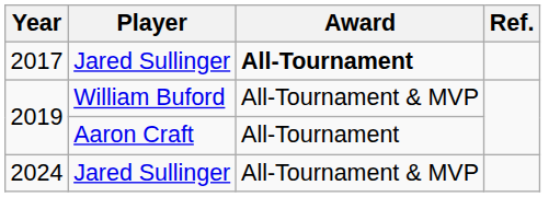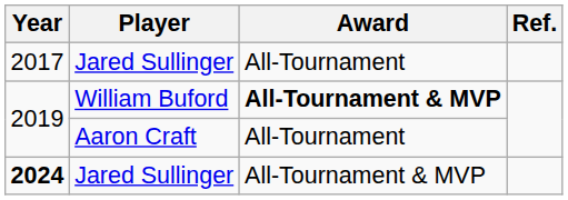 <table class="wikitable">
 <tr>
 <th>Year</th>
 <th>Player</th>
 <th>Award</th>
 <th>Ref.</th>
 </tr>
 <tr>
 <td>2017</td>
 <td><a href='#'>Jared Sullinger</a></td>
-<td><strong>All-Tournament</strong></td>
+<td>All-Tournament</td>
 <td></td>
 </tr>
 <tr>
 <td rowspan=2>2019</td>
 <td><a href='#'>William Buford</a></td>
-<td>All-Tournament & MVP</td>
+<td><strong>All-Tournament & MVP</strong></td>
 <td rowspan=2></td>
 </tr>
 <tr>
 <td><a href='#'>Aaron Craft</a></td>
 <td>All-Tournament</td>
 </tr>
 <tr>
-<td>2024</td>
+<td><strong>2024</strong></td>
 <td><a href='#'>Jared Sullinger</a></td>
 <td>All-Tournament & MVP</td>
 <td></td>
 </tr>
 </table>
